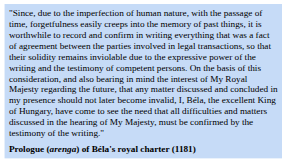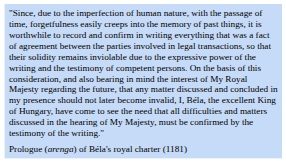 <table class="toccolours" style="float: right; margin-left: 2em; margin-right: 1em; font-size: 85%; background:#c6dbf7; color:black; width:30em; max-width: 40%;" cellspacing="5">
 <tr>
 <td style="text-align: left;">"Since, due to the imperfection of human nature, with the passage of time, forgetfulness easily creeps into the memory of past things, it is worthwhile to record and confirm in writing everything that was a fact of agreement between the parties involved in legal transactions, so that their solidity remains inviolable due to the expressive power of the writing and the testimony of competent persons. On the basis of this consideration, and also bearing in mind the interest of My Royal Majesty regarding the future, that any matter discussed and concluded in my presence should not later become invalid, I, Béla, the excellent King of Hungary, have come to see the need that all difficulties and matters discussed in the hearing of My Majesty, must be confirmed by the testimony of the writing."</td>
 </tr>
 <tr>
-<td style="text-align: left;"><strong>Prologue (<em>arenga</em>) of Béla's royal charter (1181)</strong></td>
+<td style="text-align: left;">Prologue (<em>arenga</em>) of Béla's royal charter (1181)</td>
 </tr>
 </table>
